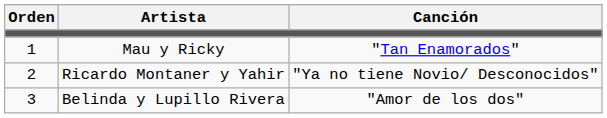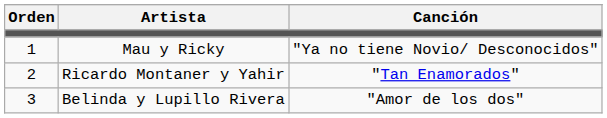 <table class="wikitable" style="text-align:center;">
 <tr>
 </tr>
 <tr>
 <th>Orden</th>
 <th>Artista</th>
 <th>Canción</th>
 </tr>
 <tr>
 <td colspan="3" style="background:#555;"></td>
 </tr>
 <tr>
 <td>1</td>
 <td>Mau y Ricky</td>
-<td>"<a href='#'>Tan Enamorados</a>"</td>
+<td>"Ya no tiene Novio/ Desconocidos"</td>
 </tr>
 <tr>
 <td>2</td>
 <td>Ricardo Montaner y Yahir</td>
-<td>"Ya no tiene Novio/ Desconocidos"</td>
+<td>"<a href='#'>Tan Enamorados</a>"</td>
 </tr>
 <tr>
 <td>3</td>
 <td>Belinda y Lupillo Rivera</td>
 <td>"Amor de los dos"</td>
 </tr>
 </table>
